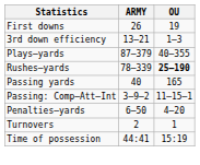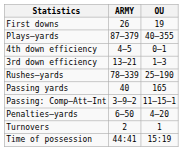 <table class="wikitable">
 <tr>
 <th>Statistics</th>
 <th>ARMY</th>
 <th>OU</th>
 </tr>
 <tr>
 <td>First downs</td>
 <td align=center>26</td>
 <td align=center>19</td>
 </tr>
 <tr>
+<td>Plays–yards</td>
+<td align=center>87–379</td>
+<td align=center>40–355</td>
+</tr>
+<tr>
+<td>4th down efficiency</td>
+<td align=center>4–5</td>
+<td align=center>0–1</td>
+</tr>
+<tr>
 <td>3rd down efficiency</td>
 <td align=center>13–21</td>
 <td align=center>1–3</td>
 </tr>
 <tr>
-<td>Plays–yards</td>
-<td align=center>87–379</td>
-<td align=center>40–355</td>
-</tr>
-<tr>
 <td>Rushes–yards</td>
 <td align=center>78–339</td>
-<td align=center><strong>25–190</strong></td>
+<td align=center>25–190</td>
 </tr>
 <tr>
 <td>Passing yards</td>
 <td align=center>40</td>
 <td align=center>165</td>
 </tr>
 <tr>
 <td>Passing: Comp–Att–Int</td>
 <td align=center>3–9–2</td>
 <td align=center>11–15–1</td>
 </tr>
 <tr>
 <td>Penalties–yards</td>
 <td align=center>6–50</td>
 <td align=center>4–20</td>
 </tr>
 <tr>
 <td>Turnovers</td>
 <td align=center>2</td>
 <td align=center>1</td>
 </tr>
 <tr>
 <td>Time of possession</td>
 <td align=center>44:41</td>
 <td align=center>15:19</td>
 </tr>
 </table>
